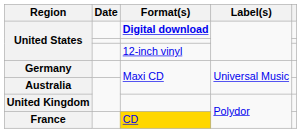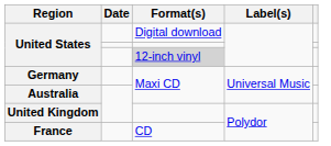 <table class="wikitable sortable plainrowheaders">
 <tr>
 <th scope="col">Region</th>
 <th scope="col">Date</th>
 <th scope="col">Format(s)</th>
 <th scope="col">Label(s)</th>
 <th scope="col"></th>
 </tr>
 <tr>
 <th scope="row" rowspan="3">United States</th>
 <td></td>
-<td><strong><a href='#'>Digital download</a></strong></td>
+<td><a href='#'>Digital download</a></td>
 <td rowspan="3"></td>
 <td></td>
 </tr>
 <tr>
 <td></td>
 <td></td>
 <td></td>
 </tr>
 <tr>
 <td></td>
-<td><a href='#'>12-inch vinyl</a></td>
+<td style="background: lightgrey;"><a href='#'>12-inch vinyl</a></td>
 <td></td>
 </tr>
 <tr>
 <th scope="row">Germany</th>
 <td></td>
 <td rowspan="2"><a href='#'>Maxi CD</a></td>
 <td rowspan="2"><a href='#'>Universal Music</a></td>
 <td></td>
 </tr>
 <tr>
 <th scope="row">Australia</th>
 <td rowspan="2"></td>
 <td></td>
 </tr>
 <tr>
 <th scope="row">United Kingdom</th>
 <td></td>
 <td rowspan="2"><a href='#'>Polydor</a></td>
 <td></td>
 </tr>
 <tr>
 <th scope="row">France</th>
 <td></td>
-<td style="background: gold;"><a href='#'>CD</a></td>
+<td><a href='#'>CD</a></td>
 <td></td>
 </tr>
 </table>
